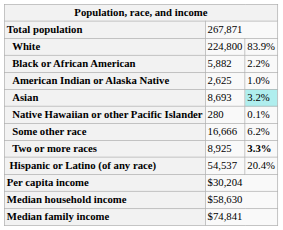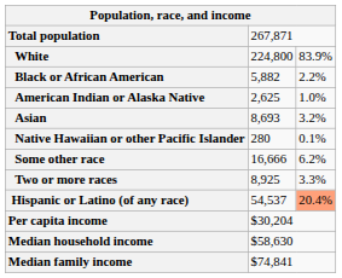 <table class="wikitable collapsible collapsed">
 <tr>
 <th colspan=6>Population, race, and income</th>
 </tr>
 <tr>
 <th scope="row" style="text-align: left;">Total population</th>
 <td colspan=2>267,871</td>
 </tr>
 <tr>
 <th scope="row" style="text-align: left;">  White</th>
 <td>224,800</td>
 <td>83.9%</td>
 </tr>
 <tr>
 <th scope="row" style="text-align: left;">  Black or African American</th>
 <td>5,882</td>
 <td>2.2%</td>
 </tr>
 <tr>
 <th scope="row" style="text-align: left;">  American Indian or Alaska Native</th>
 <td>2,625</td>
 <td>1.0%</td>
 </tr>
 <tr>
 <th scope="row" style="text-align: left;">  Asian</th>
 <td>8,693</td>
-<td style="background: paleturquoise;">3.2%</td>
+<td>3.2%</td>
 </tr>
 <tr>
 <th scope="row" style="text-align: left;">  Native Hawaiian or other Pacific Islander</th>
 <td>280</td>
 <td>0.1%</td>
 </tr>
 <tr>
 <th scope="row" style="text-align: left;">  Some other race</th>
 <td>16,666</td>
 <td>6.2%</td>
 </tr>
 <tr>
 <th scope="row" style="text-align: left;">  Two or more races</th>
 <td>8,925</td>
-<td><strong>3.3%</strong></td>
+<td>3.3%</td>
 </tr>
 <tr>
 <th scope="row" style="text-align: left;"> Hispanic or Latino (of any race)</th>
 <td>54,537</td>
-<td>20.4%</td>
+<td style="background: lightsalmon;">20.4%</td>
 </tr>
 <tr>
 <th scope="row" style="text-align: left;">Per capita income</th>
 <td colspan=2>$30,204</td>
 </tr>
 <tr>
 <th scope="row" style="text-align: left;">Median household income</th>
 <td colspan=2>$58,630</td>
 </tr>
 <tr>
 <th scope="row" style="text-align: left;">Median family income</th>
 <td colspan=2>$74,841</td>
 </tr>
 </table>
